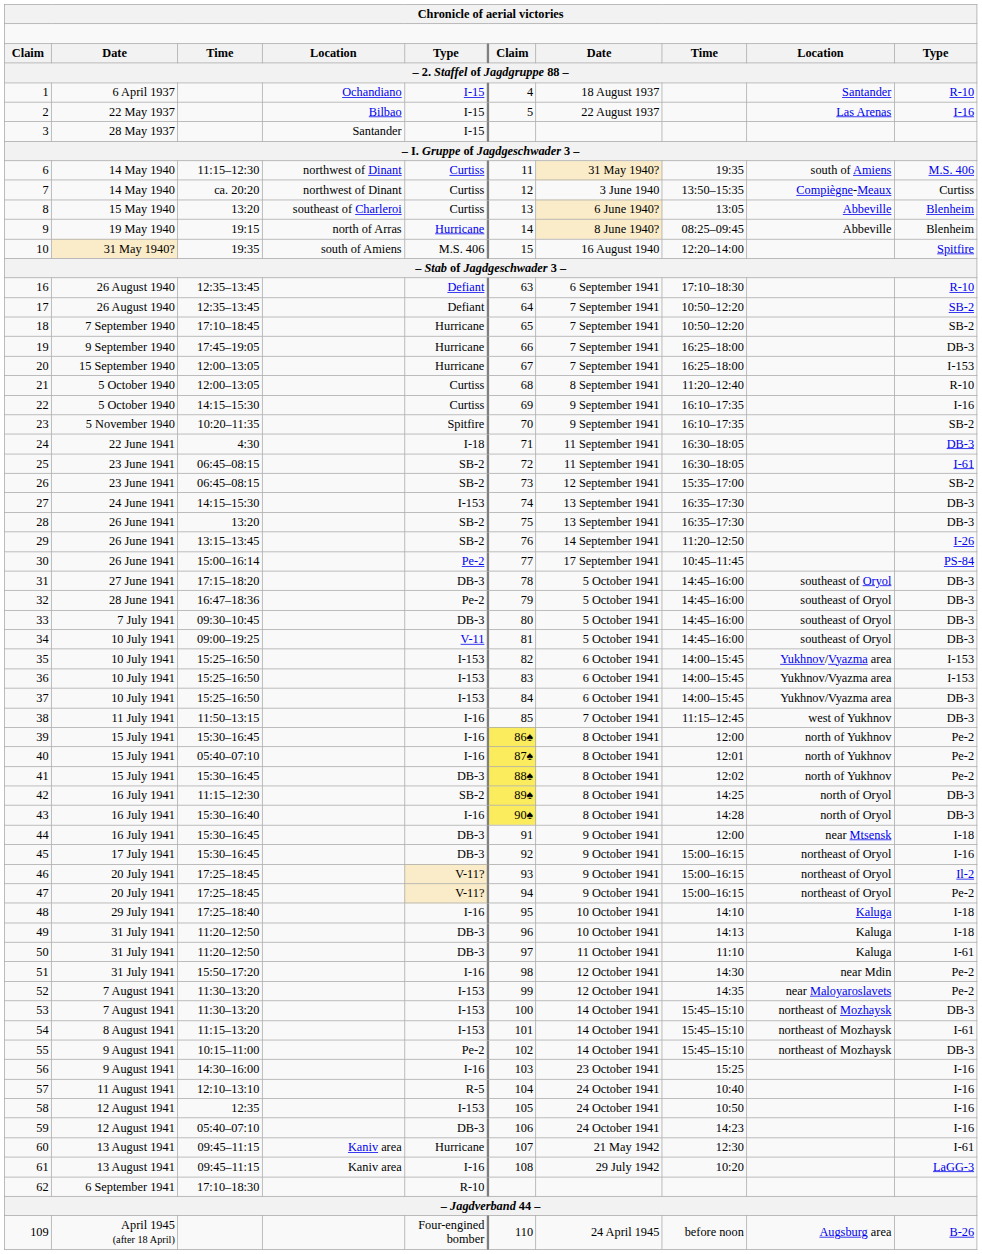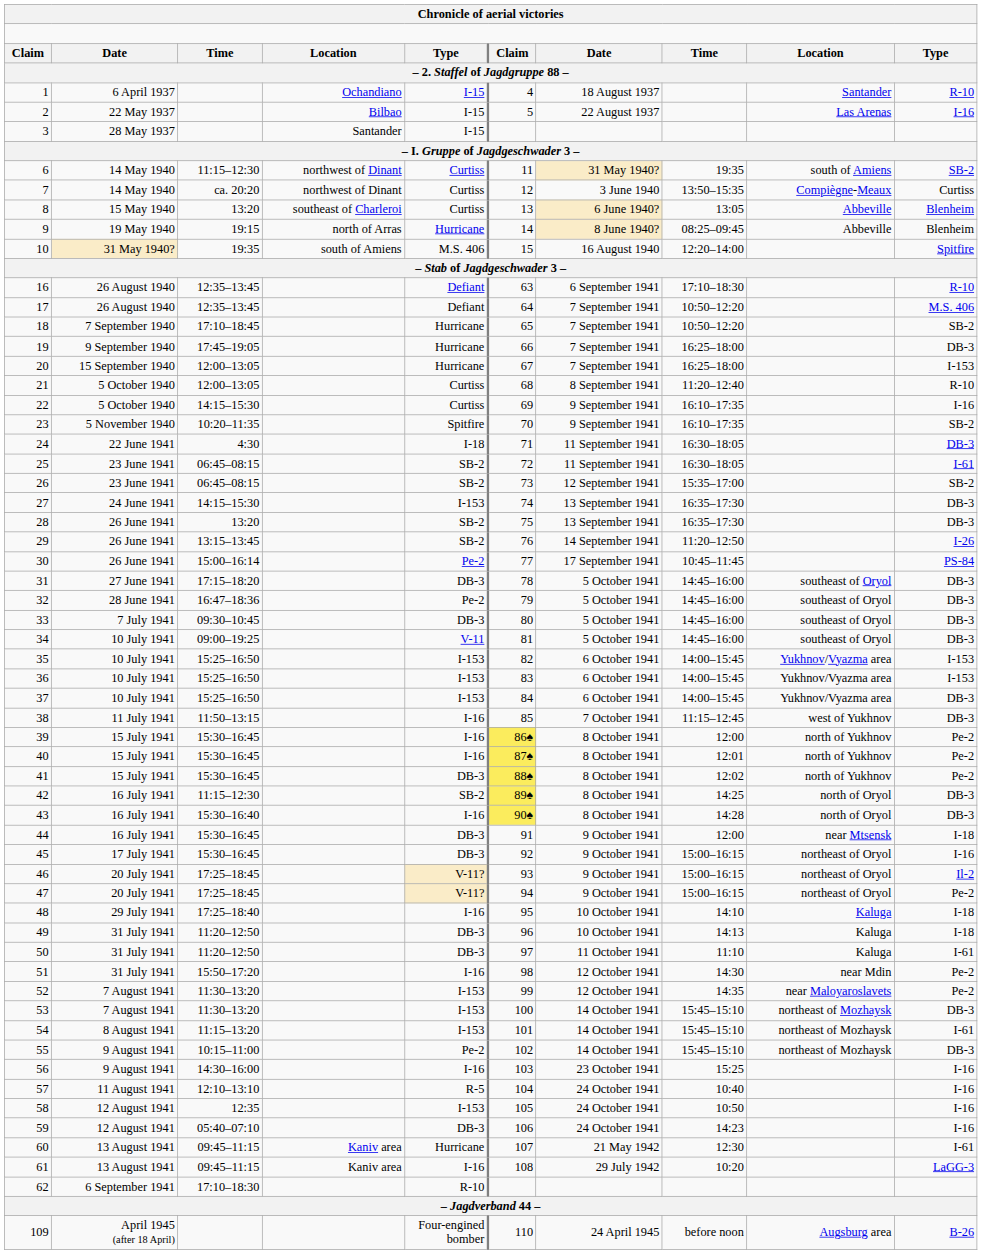 <table class="wikitable plainrowheaders collapsible" style="margin-left: auto; margin-right: auto; border: none; text-align:right; width: 100%;">
 <tr>
 <th colspan="10">Chronicle of aerial victories</th>
 </tr>
 <tr>
 <td colspan="10" style="text-align: left;"><br> </td>
 </tr>
 <tr>
 <th scope="col">Claim</th>
 <th scope="col">Date</th>
 <th scope="col">Time</th>
 <th scope="col">Location</th>
 <th scope="col" width="100px">Type</th>
 <th scope="col" style="border-left: 3px solid grey;">Claim</th>
 <th scope="col">Date</th>
 <th scope="col">Time</th>
 <th scope="col">Location</th>
 <th scope="col" width="100px">Type</th>
 </tr>
 <tr>
 <th colspan="10">– 2. <em>Staffel</em> of <em>Jagdgruppe</em> 88 –</th>
 </tr>
 <tr>
 <td>1</td>
 <td>6 April 1937</td>
 <td></td>
 <td><a href='#'>Ochandiano</a></td>
 <td><a href='#'>I-15</a></td>
 <td style="border-left: 3px solid grey;">4</td>
 <td>18 August 1937</td>
 <td></td>
 <td><a href='#'>Santander</a></td>
 <td><a href='#'>R-10</a></td>
 </tr>
 <tr>
 <td>2</td>
 <td>22 May 1937</td>
 <td></td>
 <td><a href='#'>Bilbao</a></td>
 <td>I-15</td>
 <td style="border-left: 3px solid grey;">5</td>
 <td>22 August 1937</td>
 <td></td>
 <td><a href='#'>Las Arenas</a></td>
 <td><a href='#'>I-16</a></td>
 </tr>
 <tr>
 <td>3</td>
 <td>28 May 1937</td>
 <td></td>
 <td>Santander</td>
 <td>I-15</td>
 <td style="border-left: 3px solid grey;"></td>
 <td></td>
 <td></td>
 <td></td>
 <td></td>
 </tr>
 <tr>
 <th colspan="10">– I. <em>Gruppe</em> of <em>Jagdgeschwader</em> 3 –</th>
 </tr>
 <tr>
 <td>6</td>
 <td>14 May 1940</td>
 <td>11:15–12:30</td>
 <td>northwest of <a href='#'>Dinant</a></td>
 <td><a href='#'>Curtiss</a></td>
 <td style="border-left: 3px solid grey;">11</td>
 <td style="background:#faecc8">31 May 1940?</td>
 <td>19:35</td>
 <td>south of <a href='#'>Amiens</a></td>
-<td><a href='#'>M.S. 406</a></td>
+<td><a href='#'>SB-2</a></td>
 </tr>
 <tr>
 <td>7</td>
 <td>14 May 1940</td>
 <td>ca. 20:20</td>
 <td>northwest of Dinant</td>
 <td>Curtiss</td>
 <td style="border-left: 3px solid grey;">12</td>
 <td>3 June 1940</td>
 <td>13:50–15:35</td>
 <td><a href='#'>Compiègne</a>-<a href='#'>Meaux</a></td>
 <td>Curtiss</td>
 </tr>
 <tr>
 <td>8</td>
 <td>15 May 1940</td>
 <td>13:20</td>
 <td>southeast of <a href='#'>Charleroi</a></td>
 <td>Curtiss</td>
 <td style="border-left: 3px solid grey;">13</td>
 <td style="background:#faecc8">6 June 1940?</td>
 <td>13:05</td>
 <td><a href='#'>Abbeville</a></td>
 <td><a href='#'>Blenheim</a></td>
 </tr>
 <tr>
 <td>9</td>
 <td>19 May 1940</td>
 <td>19:15</td>
 <td>north of Arras</td>
 <td><a href='#'>Hurricane</a></td>
 <td style="border-left: 3px solid grey;">14</td>
 <td style="background:#faecc8">8 June 1940?</td>
 <td>08:25–09:45</td>
 <td>Abbeville</td>
 <td>Blenheim</td>
 </tr>
 <tr>
 <td>10</td>
 <td style="background:#faecc8">31 May 1940?</td>
 <td>19:35</td>
 <td>south of Amiens</td>
 <td>M.S. 406</td>
 <td style="border-left: 3px solid grey;">15</td>
 <td>16 August 1940</td>
 <td>12:20–14:00</td>
 <td></td>
 <td><a href='#'>Spitfire</a></td>
 </tr>
 <tr>
 <th colspan="10">– <em>Stab</em> of <em>Jagdgeschwader</em> 3 –</th>
 </tr>
 <tr>
 <td>16</td>
 <td>26 August 1940</td>
 <td>12:35–13:45</td>
 <td></td>
 <td><a href='#'>Defiant</a></td>
 <td style="border-left: 3px solid grey;">63</td>
 <td>6 September 1941</td>
 <td>17:10–18:30</td>
 <td></td>
 <td><a href='#'>R-10</a></td>
 </tr>
 <tr>
 <td>17</td>
 <td>26 August 1940</td>
 <td>12:35–13:45</td>
 <td></td>
 <td>Defiant</td>
 <td style="border-left: 3px solid grey;">64</td>
 <td>7 September 1941</td>
 <td>10:50–12:20</td>
 <td></td>
-<td><a href='#'>SB-2</a></td>
+<td><a href='#'>M.S. 406</a></td>
 </tr>
 <tr>
 <td>18</td>
 <td>7 September 1940</td>
 <td>17:10–18:45</td>
 <td></td>
 <td>Hurricane</td>
 <td style="border-left: 3px solid grey;">65</td>
 <td>7 September 1941</td>
 <td>10:50–12:20</td>
 <td></td>
 <td>SB-2</td>
 </tr>
 <tr>
 <td>19</td>
 <td>9 September 1940</td>
 <td>17:45–19:05</td>
 <td></td>
 <td>Hurricane</td>
 <td style="border-left: 3px solid grey;">66</td>
 <td>7 September 1941</td>
 <td>16:25–18:00</td>
 <td></td>
 <td>DB-3</td>
 </tr>
 <tr>
 <td>20</td>
 <td>15 September 1940</td>
 <td>12:00–13:05</td>
 <td></td>
 <td>Hurricane</td>
 <td style="border-left: 3px solid grey;">67</td>
 <td>7 September 1941</td>
 <td>16:25–18:00</td>
 <td></td>
 <td>I-153</td>
 </tr>
 <tr>
 <td>21</td>
 <td>5 October 1940</td>
 <td>12:00–13:05</td>
 <td></td>
 <td>Curtiss</td>
 <td style="border-left: 3px solid grey;">68</td>
 <td>8 September 1941</td>
 <td>11:20–12:40</td>
 <td></td>
 <td>R-10</td>
 </tr>
 <tr>
 <td>22</td>
 <td>5 October 1940</td>
 <td>14:15–15:30</td>
 <td></td>
 <td>Curtiss</td>
 <td style="border-left: 3px solid grey;">69</td>
 <td>9 September 1941</td>
 <td>16:10–17:35</td>
 <td></td>
 <td>I-16</td>
 </tr>
 <tr>
 <td>23</td>
 <td>5 November 1940</td>
 <td>10:20–11:35</td>
 <td></td>
 <td>Spitfire</td>
 <td style="border-left: 3px solid grey;">70</td>
 <td>9 September 1941</td>
 <td>16:10–17:35</td>
 <td></td>
 <td>SB-2</td>
 </tr>
 <tr>
 <td>24</td>
 <td>22 June 1941</td>
 <td>4:30</td>
 <td></td>
 <td>I-18</td>
 <td style="border-left: 3px solid grey;">71</td>
 <td>11 September 1941</td>
 <td>16:30–18:05</td>
 <td></td>
 <td><a href='#'>DB-3</a></td>
 </tr>
 <tr>
 <td>25</td>
 <td>23 June 1941</td>
 <td>06:45–08:15</td>
 <td></td>
 <td>SB-2</td>
 <td style="border-left: 3px solid grey;">72</td>
 <td>11 September 1941</td>
 <td>16:30–18:05</td>
 <td></td>
 <td><a href='#'>I-61</a></td>
 </tr>
 <tr>
 <td>26</td>
 <td>23 June 1941</td>
 <td>06:45–08:15</td>
 <td></td>
 <td>SB-2</td>
 <td style="border-left: 3px solid grey;">73</td>
 <td>12 September 1941</td>
 <td>15:35–17:00</td>
 <td></td>
 <td>SB-2</td>
 </tr>
 <tr>
 <td>27</td>
 <td>24 June 1941</td>
 <td>14:15–15:30</td>
 <td></td>
 <td>I-153</td>
 <td style="border-left: 3px solid grey;">74</td>
 <td>13 September 1941</td>
 <td>16:35–17:30</td>
 <td></td>
 <td>DB-3</td>
 </tr>
 <tr>
 <td>28</td>
 <td>26 June 1941</td>
 <td>13:20</td>
 <td></td>
 <td>SB-2</td>
 <td style="border-left: 3px solid grey;">75</td>
 <td>13 September 1941</td>
 <td>16:35–17:30</td>
 <td></td>
 <td>DB-3</td>
 </tr>
 <tr>
 <td>29</td>
 <td>26 June 1941</td>
 <td>13:15–13:45</td>
 <td></td>
 <td>SB-2</td>
 <td style="border-left: 3px solid grey;">76</td>
 <td>14 September 1941</td>
 <td>11:20–12:50</td>
 <td></td>
 <td><a href='#'>I-26</a></td>
 </tr>
 <tr>
 <td>30</td>
 <td>26 June 1941</td>
 <td>15:00–16:14</td>
 <td></td>
 <td><a href='#'>Pe-2</a></td>
 <td style="border-left: 3px solid grey;">77</td>
 <td>17 September 1941</td>
 <td>10:45–11:45</td>
 <td></td>
 <td><a href='#'>PS-84</a></td>
 </tr>
 <tr>
 <td>31</td>
 <td>27 June 1941</td>
 <td>17:15–18:20</td>
 <td></td>
 <td>DB-3</td>
 <td style="border-left: 3px solid grey;">78</td>
 <td>5 October 1941</td>
 <td>14:45–16:00</td>
 <td> southeast of <a href='#'>Oryol</a></td>
 <td>DB-3</td>
 </tr>
 <tr>
 <td>32</td>
 <td>28 June 1941</td>
 <td>16:47–18:36</td>
 <td></td>
 <td>Pe-2</td>
 <td style="border-left: 3px solid grey;">79</td>
 <td>5 October 1941</td>
 <td>14:45–16:00</td>
 <td> southeast of Oryol</td>
 <td>DB-3</td>
 </tr>
 <tr>
 <td>33</td>
 <td>7 July 1941</td>
 <td>09:30–10:45</td>
 <td></td>
 <td>DB-3</td>
 <td style="border-left: 3px solid grey;">80</td>
 <td>5 October 1941</td>
 <td>14:45–16:00</td>
 <td> southeast of Oryol</td>
 <td>DB-3</td>
 </tr>
 <tr>
 <td>34</td>
 <td>10 July 1941</td>
 <td>09:00–19:25</td>
 <td></td>
 <td><a href='#'>V-11</a></td>
 <td style="border-left: 3px solid grey;">81</td>
 <td>5 October 1941</td>
 <td>14:45–16:00</td>
 <td> southeast of Oryol</td>
 <td>DB-3</td>
 </tr>
 <tr>
 <td>35</td>
 <td>10 July 1941</td>
 <td>15:25–16:50</td>
 <td></td>
 <td>I-153</td>
 <td style="border-left: 3px solid grey;">82</td>
 <td>6 October 1941</td>
 <td>14:00–15:45</td>
 <td><a href='#'>Yukhnov</a>/<a href='#'>Vyazma</a> area</td>
 <td>I-153</td>
 </tr>
 <tr>
 <td>36</td>
 <td>10 July 1941</td>
 <td>15:25–16:50</td>
 <td></td>
 <td>I-153</td>
 <td style="border-left: 3px solid grey;">83</td>
 <td>6 October 1941</td>
 <td>14:00–15:45</td>
 <td>Yukhnov/Vyazma area</td>
 <td>I-153</td>
 </tr>
 <tr>
 <td>37</td>
 <td>10 July 1941</td>
 <td>15:25–16:50</td>
 <td></td>
 <td>I-153</td>
 <td style="border-left: 3px solid grey;">84</td>
 <td>6 October 1941</td>
 <td>14:00–15:45</td>
 <td>Yukhnov/Vyazma area</td>
 <td>DB-3</td>
 </tr>
 <tr>
 <td>38</td>
 <td>11 July 1941</td>
 <td>11:50–13:15</td>
 <td></td>
 <td>I-16</td>
 <td style="border-left: 3px solid grey;">85</td>
 <td>7 October 1941</td>
 <td>11:15–12:45</td>
 <td> west of Yukhnov</td>
 <td>DB-3</td>
 </tr>
 <tr>
 <td>39</td>
 <td>15 July 1941</td>
 <td>15:30–16:45</td>
 <td></td>
 <td>I-16</td>
 <td style="border-left: 3px solid grey; background:#fbec5d;">86♠</td>
 <td>8 October 1941</td>
 <td>12:00</td>
 <td>north of Yukhnov</td>
 <td>Pe-2</td>
 </tr>
 <tr>
 <td>40</td>
 <td>15 July 1941</td>
-<td>05:40–07:10</td>
+<td>15:30–16:45</td>
 <td></td>
 <td>I-16</td>
 <td style="border-left: 3px solid grey; background:#fbec5d;">87♠</td>
 <td>8 October 1941</td>
 <td>12:01</td>
 <td>north of Yukhnov</td>
 <td>Pe-2</td>
 </tr>
 <tr>
 <td>41</td>
 <td>15 July 1941</td>
 <td>15:30–16:45</td>
 <td></td>
 <td>DB-3</td>
 <td style="border-left: 3px solid grey; background:#fbec5d;">88♠</td>
 <td>8 October 1941</td>
 <td>12:02</td>
 <td>north of Yukhnov</td>
 <td>Pe-2</td>
 </tr>
 <tr>
 <td>42</td>
 <td>16 July 1941</td>
 <td>11:15–12:30</td>
 <td></td>
 <td>SB-2</td>
 <td style="border-left: 3px solid grey; background:#fbec5d;">89♠</td>
 <td>8 October 1941</td>
 <td>14:25</td>
 <td>north of Oryol</td>
 <td>DB-3</td>
 </tr>
 <tr>
 <td>43</td>
 <td>16 July 1941</td>
 <td>15:30–16:40</td>
 <td></td>
 <td>I-16</td>
 <td style="border-left: 3px solid grey; background:#fbec5d;">90♠</td>
 <td>8 October 1941</td>
 <td>14:28</td>
 <td>north of Oryol</td>
 <td>DB-3</td>
 </tr>
 <tr>
 <td>44</td>
 <td>16 July 1941</td>
 <td>15:30–16:45</td>
 <td></td>
 <td>DB-3</td>
 <td style="border-left: 3px solid grey;">91</td>
 <td>9 October 1941</td>
 <td>12:00</td>
 <td>near <a href='#'>Mtsensk</a></td>
 <td>I-18</td>
 </tr>
 <tr>
 <td>45</td>
 <td>17 July 1941</td>
 <td>15:30–16:45</td>
 <td></td>
 <td>DB-3</td>
 <td style="border-left: 3px solid grey;">92</td>
 <td>9 October 1941</td>
 <td>15:00–16:15</td>
 <td>northeast of Oryol</td>
 <td>I-16</td>
 </tr>
 <tr>
 <td>46</td>
 <td>20 July 1941</td>
 <td>17:25–18:45</td>
 <td></td>
 <td style="background:#faecc8">V-11?</td>
 <td style="border-left: 3px solid grey;">93</td>
 <td>9 October 1941</td>
 <td>15:00–16:15</td>
 <td>northeast of Oryol</td>
 <td><a href='#'>Il-2</a></td>
 </tr>
 <tr>
 <td>47</td>
 <td>20 July 1941</td>
 <td>17:25–18:45</td>
 <td></td>
 <td style="background:#faecc8">V-11?</td>
 <td style="border-left: 3px solid grey;">94</td>
 <td>9 October 1941</td>
 <td>15:00–16:15</td>
 <td>northeast of Oryol</td>
 <td>Pe-2</td>
 </tr>
 <tr>
 <td>48</td>
 <td>29 July 1941</td>
 <td>17:25–18:40</td>
 <td></td>
 <td>I-16</td>
 <td style="border-left: 3px solid grey;">95</td>
 <td>10 October 1941</td>
 <td>14:10</td>
 <td><a href='#'>Kaluga</a></td>
 <td>I-18</td>
 </tr>
 <tr>
 <td>49</td>
 <td>31 July 1941</td>
 <td>11:20–12:50</td>
 <td></td>
 <td>DB-3</td>
 <td style="border-left: 3px solid grey;">96</td>
 <td>10 October 1941</td>
 <td>14:13</td>
 <td>Kaluga</td>
 <td>I-18</td>
 </tr>
 <tr>
 <td>50</td>
 <td>31 July 1941</td>
 <td>11:20–12:50</td>
 <td></td>
 <td>DB-3</td>
 <td style="border-left: 3px solid grey;">97</td>
 <td>11 October 1941</td>
 <td>11:10</td>
 <td>Kaluga</td>
 <td>I-61</td>
 </tr>
 <tr>
 <td>51</td>
 <td>31 July 1941</td>
 <td>15:50–17:20</td>
 <td></td>
 <td>I-16</td>
 <td style="border-left: 3px solid grey;">98</td>
 <td>12 October 1941</td>
 <td>14:30</td>
 <td>near Mdin</td>
 <td>Pe-2</td>
 </tr>
 <tr>
 <td>52</td>
 <td>7 August 1941</td>
 <td>11:30–13:20</td>
 <td></td>
 <td>I-153</td>
 <td style="border-left: 3px solid grey;">99</td>
 <td>12 October 1941</td>
 <td>14:35</td>
 <td>near  <a href='#'>Maloyaroslavets</a></td>
 <td>Pe-2</td>
 </tr>
 <tr>
 <td>53</td>
 <td>7 August 1941</td>
 <td>11:30–13:20</td>
 <td></td>
 <td>I-153</td>
 <td style="border-left: 3px solid grey;">100</td>
 <td>14 October 1941</td>
 <td>15:45–15:10</td>
 <td>northeast of <a href='#'>Mozhaysk</a></td>
 <td>DB-3</td>
 </tr>
 <tr>
 <td>54</td>
 <td>8 August 1941</td>
 <td>11:15–13:20</td>
 <td></td>
 <td>I-153</td>
 <td style="border-left: 3px solid grey;">101</td>
 <td>14 October 1941</td>
 <td>15:45–15:10</td>
 <td>northeast of Mozhaysk</td>
 <td>I-61</td>
 </tr>
 <tr>
 <td>55</td>
 <td>9 August 1941</td>
 <td>10:15–11:00</td>
 <td></td>
 <td>Pe-2</td>
 <td style="border-left: 3px solid grey;">102</td>
 <td>14 October 1941</td>
 <td>15:45–15:10</td>
 <td>northeast of Mozhaysk</td>
 <td>DB-3</td>
 </tr>
 <tr>
 <td>56</td>
 <td>9 August 1941</td>
 <td>14:30–16:00</td>
 <td></td>
 <td>I-16</td>
 <td style="border-left: 3px solid grey;">103</td>
 <td>23 October 1941</td>
 <td>15:25</td>
 <td></td>
 <td>I-16</td>
 </tr>
 <tr>
 <td>57</td>
 <td>11 August 1941</td>
 <td>12:10–13:10</td>
 <td></td>
 <td>R-5</td>
 <td style="border-left: 3px solid grey;">104</td>
 <td>24 October 1941</td>
 <td>10:40</td>
 <td></td>
 <td>I-16</td>
 </tr>
 <tr>
 <td>58</td>
 <td>12 August 1941</td>
 <td>12:35</td>
 <td></td>
 <td>I-153</td>
 <td style="border-left: 3px solid grey;">105</td>
 <td>24 October 1941</td>
 <td>10:50</td>
 <td></td>
 <td>I-16</td>
 </tr>
 <tr>
 <td>59</td>
 <td>12 August 1941</td>
 <td>05:40–07:10</td>
 <td></td>
 <td>DB-3</td>
 <td style="border-left: 3px solid grey;">106</td>
 <td>24 October 1941</td>
 <td>14:23</td>
 <td></td>
 <td>I-16</td>
 </tr>
 <tr>
 <td>60</td>
 <td>13 August 1941</td>
 <td>09:45–11:15</td>
 <td><a href='#'>Kaniv</a> area</td>
 <td>Hurricane</td>
 <td style="border-left: 3px solid grey;">107</td>
 <td>21 May 1942</td>
 <td>12:30</td>
 <td></td>
 <td>I-61</td>
 </tr>
 <tr>
 <td>61</td>
 <td>13 August 1941</td>
 <td>09:45–11:15</td>
 <td>Kaniv area</td>
 <td>I-16</td>
 <td style="border-left: 3px solid grey;">108</td>
 <td>29 July 1942</td>
 <td>10:20</td>
 <td></td>
 <td><a href='#'>LaGG-3</a></td>
 </tr>
 <tr>
 <td>62</td>
 <td>6 September 1941</td>
 <td>17:10–18:30</td>
 <td></td>
 <td>R-10</td>
 <td style="border-left: 3px solid grey;"></td>
 <td></td>
 <td></td>
 <td></td>
 <td></td>
 </tr>
 <tr>
 <th colspan="10">– <em>Jagdverband</em> 44 –</th>
 </tr>
 <tr>
 <td>109</td>
 <td>April 1945<br><small>(after 18 April)</small></td>
 <td></td>
 <td></td>
 <td>Four-engined bomber</td>
 <td style="border-left: 3px solid grey;">110</td>
 <td>24 April 1945</td>
 <td>before noon</td>
 <td><a href='#'>Augsburg</a> area</td>
 <td><a href='#'>B-26</a></td>
 </tr>
 </table>
